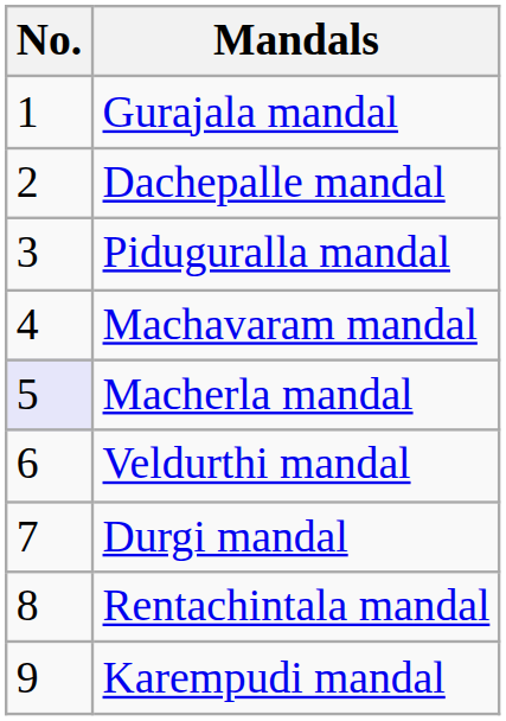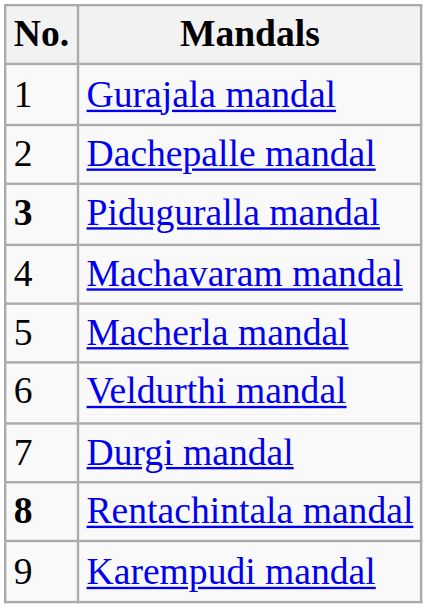 <table class="wikitable">
 <tr>
 <th>No.</th>
 <th>Mandals</th>
 </tr>
 <tr>
 <td>1</td>
 <td><a href='#'>Gurajala mandal</a></td>
 </tr>
 <tr>
 <td>2</td>
 <td><a href='#'>Dachepalle mandal</a></td>
 </tr>
 <tr>
-<td>3</td>
+<td><strong>3</strong></td>
 <td><a href='#'>Piduguralla mandal</a></td>
 </tr>
 <tr>
 <td>4</td>
 <td><a href='#'>Machavaram mandal</a></td>
 </tr>
 <tr>
-<td style="background: lavender;">5</td>
+<td>5</td>
 <td><a href='#'>Macherla mandal</a></td>
 </tr>
 <tr>
 <td>6</td>
 <td><a href='#'>Veldurthi mandal</a></td>
 </tr>
 <tr>
 <td>7</td>
 <td><a href='#'>Durgi mandal</a></td>
 </tr>
 <tr>
-<td>8</td>
+<td><strong>8</strong></td>
 <td><a href='#'>Rentachintala mandal</a></td>
 </tr>
 <tr>
 <td>9</td>
 <td><a href='#'>Karempudi mandal</a></td>
 </tr>
 </table>
